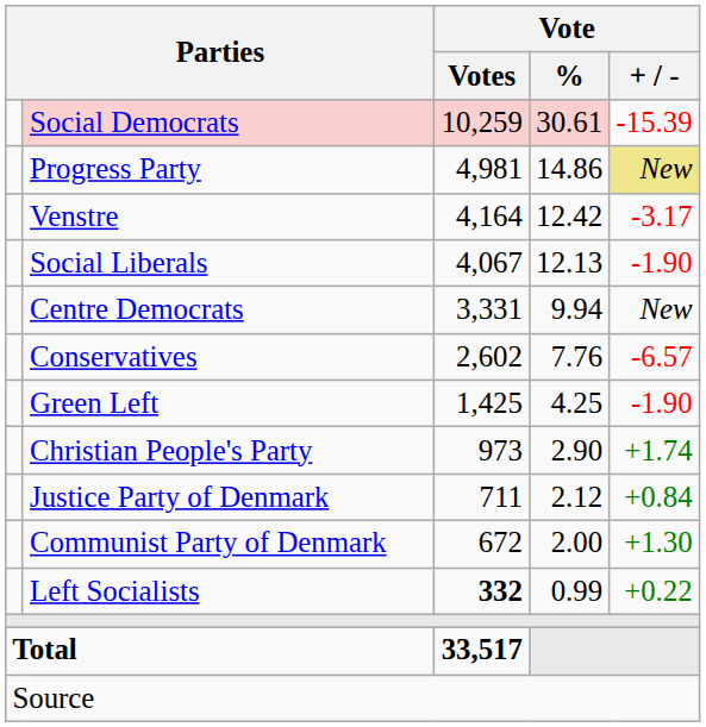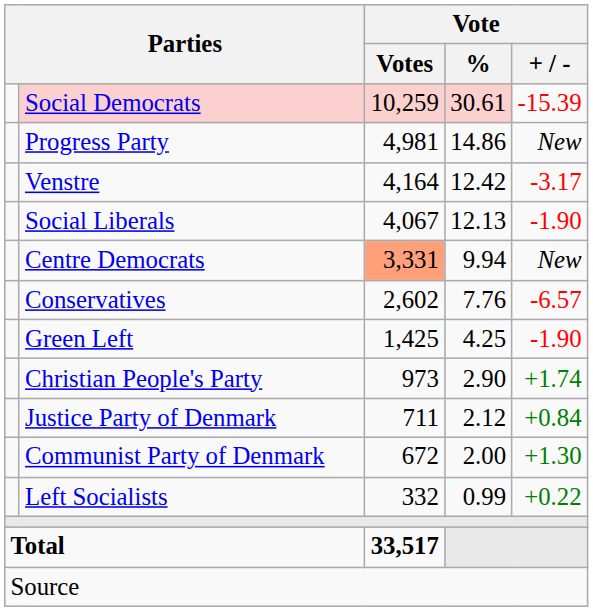 <table class="wikitable" style="text-align:right;">
 <tr>
 <th style="text-align:centre;" rowspan="2" colspan="2" width="225">Parties</th>
 <th colspan="3">Vote</th>
 </tr>
 <tr>
 <th width="15">Votes</th>
 <th width="15">%</th>
 <th width="15">+ / -</th>
 </tr>
 <tr>
 <td width="2" style="color:inherit;background:"></td>
 <td bgcolor=#fbd0ce  align="left"><a href='#'>Social Democrats</a></td>
 <td bgcolor=#fbd0ce>10,259</td>
 <td bgcolor=#fbd0ce>30.61</td>
 <td style=color:red;>-15.39</td>
 </tr>
 <tr>
 <td width="2" style="color:inherit;background:"></td>
 <td align="left"><a href='#'>Progress Party</a></td>
 <td>4,981</td>
 <td>14.86</td>
-<td style="background: khaki;"><em>New</em></td>
+<td><em>New</em></td>
 </tr>
 <tr>
 <td width="2" style="color:inherit;background:"></td>
 <td align="left"><a href='#'>Venstre</a></td>
 <td>4,164</td>
 <td>12.42</td>
 <td style=color:red;>-3.17</td>
 </tr>
 <tr>
 <td width="2" style="color:inherit;background:"></td>
 <td align="left"><a href='#'>Social Liberals</a></td>
 <td>4,067</td>
 <td>12.13</td>
 <td style=color:red;>-1.90</td>
 </tr>
 <tr>
 <td width="2" style="color:inherit;background:"></td>
 <td align="left"><a href='#'>Centre Democrats</a></td>
-<td>3,331</td>
+<td style="background: lightsalmon;">3,331</td>
 <td>9.94</td>
 <td><em>New</em></td>
 </tr>
 <tr>
 <td width="2" style="color:inherit;background:"></td>
 <td align="left"><a href='#'>Conservatives</a></td>
 <td>2,602</td>
 <td>7.76</td>
 <td style=color:red;>-6.57</td>
 </tr>
 <tr>
 <td width="2" style="color:inherit;background:"></td>
 <td align="left"><a href='#'>Green Left</a></td>
 <td>1,425</td>
 <td>4.25</td>
 <td style=color:red;>-1.90</td>
 </tr>
 <tr>
 <td width="2" style="color:inherit;background:"></td>
 <td align="left"><a href='#'>Christian People's Party</a></td>
 <td>973</td>
 <td>2.90</td>
 <td style=color:green;>+1.74</td>
 </tr>
 <tr>
 <td width="2" style="color:inherit;background:"></td>
 <td align="left"><a href='#'>Justice Party of Denmark</a></td>
 <td>711</td>
 <td>2.12</td>
 <td style=color:green;>+0.84</td>
 </tr>
 <tr>
 <td width="2" style="color:inherit;background:"></td>
 <td align="left"><a href='#'>Communist Party of Denmark</a></td>
 <td>672</td>
 <td>2.00</td>
 <td style=color:green;>+1.30</td>
 </tr>
 <tr>
 <td width="2" style="color:inherit;background:"></td>
 <td align="left"><a href='#'>Left Socialists</a></td>
-<td><strong>332</strong></td>
+<td>332</td>
 <td>0.99</td>
 <td style=color:green;>+0.22</td>
 </tr>
 <tr>
 <td colspan="7" bgcolor="#E9E9E9"></td>
 </tr>
 <tr>
 <td align="left" colspan="2"><strong>Total</strong></td>
 <td><strong>33,517</strong></td>
 <td bgcolor="#E9E9E9" colspan="2"></td>
 </tr>
 <tr>
 <td align="left" colspan="6">Source</td>
 </tr>
 </table>
